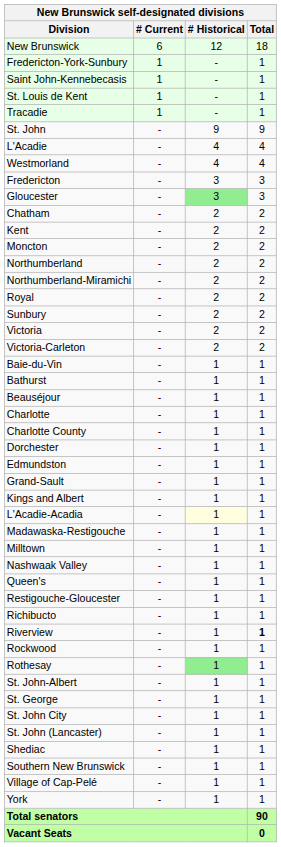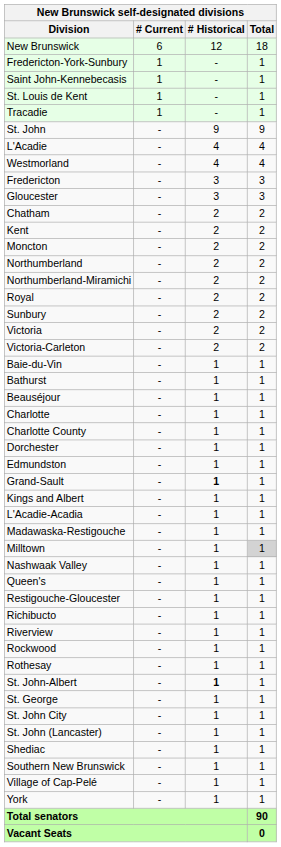 <table class="wikitable collapsible collapsed">
 <tr>
 <th colspan="4" align="center"><strong>New Brunswick self-designated divisions</strong></th>
 </tr>
 <tr>
 <th align=left>Division</th>
 <th align=center># Current</th>
 <th align=center># Historical</th>
 <th align=center>Total</th>
 </tr>
 <tr bgcolor="#E6FFE6">
 <td align=left>New Brunswick</td>
 <td align=center>6</td>
 <td align=center>12</td>
 <td align=center>18</td>
 </tr>
 <tr bgcolor="#E6FFE6">
 <td align=left>Fredericton-York-Sunbury</td>
 <td align=center>1</td>
 <td align=center>-</td>
 <td align=center>1</td>
 </tr>
 <tr bgcolor="#E6FFE6">
 <td align=left>Saint John-Kennebecasis</td>
 <td align=center>1</td>
 <td align=center>-</td>
 <td align=center>1</td>
 </tr>
 <tr bgcolor="#E6FFE6">
 <td align=left>St. Louis de Kent</td>
 <td align=center>1</td>
 <td align=center>-</td>
 <td align=center>1</td>
 </tr>
 <tr bgcolor="#E6FFE6">
 <td align=left>Tracadie</td>
 <td align=center>1</td>
 <td align=center>-</td>
 <td align=center>1</td>
 </tr>
 <tr>
 <td align=left>St. John</td>
 <td align=center>-</td>
 <td align=center>9</td>
 <td align=center>9</td>
 </tr>
 <tr>
 <td align=left>L'Acadie</td>
 <td align=center>-</td>
 <td align=center>4</td>
 <td align=center>4</td>
 </tr>
 <tr>
 <td align=left>Westmorland</td>
 <td align=center>-</td>
 <td align=center>4</td>
 <td align=center>4</td>
 </tr>
 <tr>
 <td align=left>Fredericton</td>
 <td align=center>-</td>
 <td align=center>3</td>
 <td align=center>3</td>
 </tr>
 <tr>
 <td align=left>Gloucester</td>
 <td align=center>-</td>
-<td align=center style="background: lightgreen;">3</td>
+<td align=center>3</td>
 <td align=center>3</td>
 </tr>
 <tr>
 <td align=left>Chatham</td>
 <td align=center>-</td>
 <td align=center>2</td>
 <td align=center>2</td>
 </tr>
 <tr>
 <td align=left>Kent</td>
 <td align=center>-</td>
 <td align=center>2</td>
 <td align=center>2</td>
 </tr>
 <tr>
 <td align=left>Moncton</td>
 <td align=center>-</td>
 <td align=center>2</td>
 <td align=center>2</td>
 </tr>
 <tr>
 <td align=left>Northumberland</td>
 <td align=center>-</td>
 <td align=center>2</td>
 <td align=center>2</td>
 </tr>
 <tr>
 <td align=left>Northumberland-Miramichi</td>
 <td align=center>-</td>
 <td align=center>2</td>
 <td align=center>2</td>
 </tr>
 <tr>
 <td align=left>Royal</td>
 <td align=center>-</td>
 <td align=center>2</td>
 <td align=center>2</td>
 </tr>
 <tr>
 <td align=left>Sunbury</td>
 <td align=center>-</td>
 <td align=center>2</td>
 <td align=center>2</td>
 </tr>
 <tr>
 <td align=left>Victoria</td>
 <td align=center>-</td>
 <td align=center>2</td>
 <td align=center>2</td>
 </tr>
 <tr>
 <td align=left>Victoria-Carleton</td>
 <td align=center>-</td>
 <td align=center>2</td>
 <td align=center>2</td>
 </tr>
 <tr>
 <td align=left>Baie-du-Vin</td>
 <td align=center>-</td>
 <td align=center>1</td>
 <td align=center>1</td>
 </tr>
 <tr>
 <td align=left>Bathurst</td>
 <td align=center>-</td>
 <td align=center>1</td>
 <td align=center>1</td>
 </tr>
 <tr>
 <td align=left>Beauséjour</td>
 <td align=center>-</td>
 <td align=center>1</td>
 <td align=center>1</td>
 </tr>
 <tr>
 <td align=left>Charlotte</td>
 <td align=center>-</td>
 <td align=center>1</td>
 <td align=center>1</td>
 </tr>
 <tr>
 <td align=left>Charlotte County</td>
 <td align=center>-</td>
 <td align=center>1</td>
 <td align=center>1</td>
 </tr>
 <tr>
 <td align=left>Dorchester</td>
 <td align=center>-</td>
 <td align=center>1</td>
 <td align=center>1</td>
 </tr>
 <tr>
 <td align=left>Edmundston</td>
 <td align=center>-</td>
 <td align=center>1</td>
 <td align=center>1</td>
 </tr>
 <tr>
 <td align=left>Grand-Sault</td>
 <td align=center>-</td>
-<td align=center>1</td>
+<td align=center><strong>1</strong></td>
 <td align=center>1</td>
 </tr>
 <tr>
 <td align=left>Kings and Albert</td>
 <td align=center>-</td>
 <td align=center>1</td>
 <td align=center>1</td>
 </tr>
 <tr>
 <td align=left>L'Acadie-Acadia</td>
 <td align=center>-</td>
-<td align=center style="background: lightyellow;">1</td>
+<td align=center>1</td>
 <td align=center>1</td>
 </tr>
 <tr>
 <td align=left>Madawaska-Restigouche</td>
 <td align=center>-</td>
 <td align=center>1</td>
 <td align=center>1</td>
 </tr>
 <tr>
 <td align=left>Milltown</td>
 <td align=center>-</td>
 <td align=center>1</td>
-<td align=center>1</td>
+<td align=center style="background: lightgrey;">1</td>
 </tr>
 <tr>
 <td align=left>Nashwaak Valley</td>
 <td align=center>-</td>
 <td align=center>1</td>
 <td align=center>1</td>
 </tr>
 <tr>
 <td align=left>Queen's</td>
 <td align=center>-</td>
 <td align=center>1</td>
 <td align=center>1</td>
 </tr>
 <tr>
 <td align=left>Restigouche-Gloucester</td>
 <td align=center>-</td>
 <td align=center>1</td>
 <td align=center>1</td>
 </tr>
 <tr>
 <td align=left>Richibucto</td>
 <td align=center>-</td>
 <td align=center>1</td>
 <td align=center>1</td>
 </tr>
 <tr>
 <td align=left>Riverview</td>
 <td align=center>-</td>
 <td align=center>1</td>
-<td align=center><strong>1</strong></td>
+<td align=center>1</td>
 </tr>
 <tr>
 <td align=left>Rockwood</td>
 <td align=center>-</td>
 <td align=center>1</td>
 <td align=center>1</td>
 </tr>
 <tr>
 <td align=left>Rothesay</td>
 <td align=center>-</td>
-<td align=center style="background: lightgreen;">1</td>
+<td align=center>1</td>
 <td align=center>1</td>
 </tr>
 <tr>
 <td align=left>St. John-Albert</td>
 <td align=center>-</td>
-<td align=center>1</td>
+<td align=center><strong>1</strong></td>
 <td align=center>1</td>
 </tr>
 <tr>
 <td align=left>St. George</td>
 <td align=center>-</td>
 <td align=center>1</td>
 <td align=center>1</td>
 </tr>
 <tr>
 <td align=left>St. John City</td>
 <td align=center>-</td>
 <td align=center>1</td>
 <td align=center>1</td>
 </tr>
 <tr>
 <td align=left>St. John (Lancaster)</td>
 <td align=center>-</td>
 <td align=center>1</td>
 <td align=center>1</td>
 </tr>
 <tr>
 <td align=left>Shediac</td>
 <td align=center>-</td>
 <td align=center>1</td>
 <td align=center>1</td>
 </tr>
 <tr>
 <td align=left>Southern New Brunswick</td>
 <td align=center>-</td>
 <td align=center>1</td>
 <td align=center>1</td>
 </tr>
 <tr>
 <td align=left>Village of Cap-Pelé</td>
 <td align=center>-</td>
 <td align=center>1</td>
 <td align=center>1</td>
 </tr>
 <tr>
 <td align=left>York</td>
 <td align=center>-</td>
 <td align=center>1</td>
 <td align=center>1</td>
 </tr>
 <tr bgcolor=#C0FFA6>
 <td align=left colspan=3><strong>Total senators</strong></td>
 <td align=center><strong>90</strong></td>
 </tr>
 <tr bgcolor=#C0FFA6>
 <td align=left colspan=3><strong>Vacant Seats</strong></td>
 <td align=center><strong>0</strong></td>
 </tr>
 </table>
